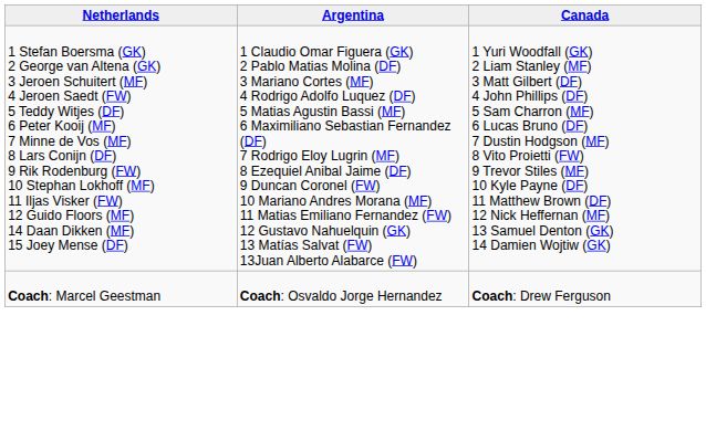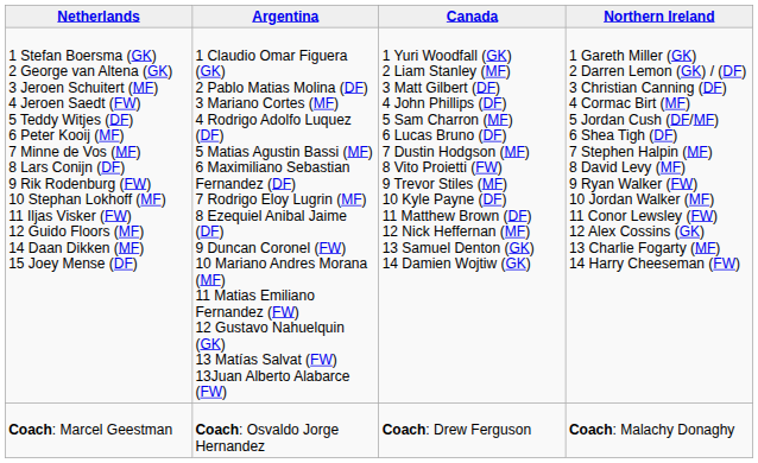 <table class="wikitable mw-collapsible mw-collapsed" cellpadding=5 cellspacing=0 style="width:95%">
 <tr align=center>
 <td bgcolor="#efefef" width="200"><strong> <a href='#'>Netherlands</a></strong></td>
 <td bgcolor="#efefef" width="200"><strong> <a href='#'>Argentina</a></strong></td>
 <td bgcolor="#efefef" width="200"><strong> <a href='#'>Canada</a></strong></td>
+<td bgcolor="#efefef" width="200"><strong> <a href='#'>Northern Ireland</a></strong></td>
 </tr>
 <tr valign=top>
 <td><br>1 Stefan Boersma (<a href='#'>GK</a>)<br> 2 George van Altena (<a href='#'>GK</a>)<br> 3 Jeroen Schuitert (<a href='#'>MF</a>)<br> 4 Jeroen Saedt (<a href='#'>FW</a>)<br> 5 Teddy Witjes (<a href='#'>DF</a>)<br> 6 Peter Kooij (<a href='#'>MF</a>)<br> 7 Minne de Vos (<a href='#'>MF</a>)<br> 8 Lars Conijn (<a href='#'>DF</a>)<br> 9 Rik Rodenburg (<a href='#'>FW</a>)<br> 10 Stephan Lokhoff (<a href='#'>MF</a>)<br> 11 Iljas Visker (<a href='#'>FW</a>)<br> 12 Guido Floors (<a href='#'>MF</a>)<br> 14 Daan Dikken (<a href='#'>MF</a>)<br> 15 Joey Mense (<a href='#'>DF</a>)</td>
 <td><br>1 Claudio Omar Figuera (<a href='#'>GK</a>)<br> 2 Pablo Matias Molina (<a href='#'>DF</a>)<br> 3 Mariano Cortes (<a href='#'>MF</a>)<br> 4 Rodrigo Adolfo Luquez (<a href='#'>DF</a>)<br> 5 Matias Agustin Bassi (<a href='#'>MF</a>)<br> 6 Maximiliano Sebastian Fernandez (<a href='#'>DF</a>)<br> 7 Rodrigo Eloy Lugrin (<a href='#'>MF</a>)<br> 8 Ezequiel Anibal Jaime (<a href='#'>DF</a>)<br> 9 Duncan Coronel (<a href='#'>FW</a>)<br> 10 Mariano Andres Morana (<a href='#'>MF</a>)<br> 11 Matias Emiliano Fernandez (<a href='#'>FW</a>)<br> 12 Gustavo Nahuelquin (<a href='#'>GK</a>)<br> 13 Matías Salvat (<a href='#'>FW</a>)<br> 13Juan Alberto Alabarce (<a href='#'>FW</a>)</td>
 <td><br>1 Yuri Woodfall (<a href='#'>GK</a>)<br> 2 Liam Stanley (<a href='#'>MF</a>)<br> 3 Matt Gilbert (<a href='#'>DF</a>)<br> 4 John Phillips (<a href='#'>DF</a>)<br> 5 Sam Charron (<a href='#'>MF</a>)<br> 6 Lucas Bruno (<a href='#'>DF</a>)<br> 7 Dustin Hodgson (<a href='#'>MF</a>)<br> 8 Vito Proietti (<a href='#'>FW</a>)<br> 9 Trevor Stiles (<a href='#'>MF</a>)<br> 10 Kyle Payne (<a href='#'>DF</a>)<br> 11 Matthew Brown (<a href='#'>DF</a>)<br> 12 Nick Heffernan (<a href='#'>MF</a>)<br> 13 Samuel Denton (<a href='#'>GK</a>)<br> 14 Damien Wojtiw (<a href='#'>GK</a>)</td>
+<td><br>1 Gareth Miller (<a href='#'>GK</a>)<br> 2 Darren Lemon (<a href='#'>GK</a>) / (<a href='#'>DF</a>)<br> 3 Christian Canning (<a href='#'>DF</a>)<br> 4 Cormac Birt (<a href='#'>MF</a>)<br> 5 Jordan Cush (<a href='#'>DF</a>/<a href='#'>MF</a>)<br> 6 Shea Tigh (<a href='#'>DF</a>)<br> 7 Stephen Halpin (<a href='#'>MF</a>)<br> 8 David Levy (<a href='#'>MF</a>)<br> 9 Ryan Walker (<a href='#'>FW</a>)<br> 10 Jordan Walker (<a href='#'>MF</a>)<br> 11 Conor Lewsley (<a href='#'>FW</a>)<br> 12 Alex Cossins (<a href='#'>GK</a>)<br> 13 Charlie Fogarty (<a href='#'>MF</a>)<br> 14 Harry Cheeseman (<a href='#'>FW</a>)</td>
 </tr>
 <tr valign=top>
 <td><br><strong>Coach</strong>: Marcel Geestman</td>
 <td><br><strong>Coach</strong>: Osvaldo Jorge Hernandez</td>
 <td><br><strong>Coach</strong>: Drew Ferguson</td>
+<td><br><strong>Coach</strong>: Malachy Donaghy</td>
 </tr>
 </table>
